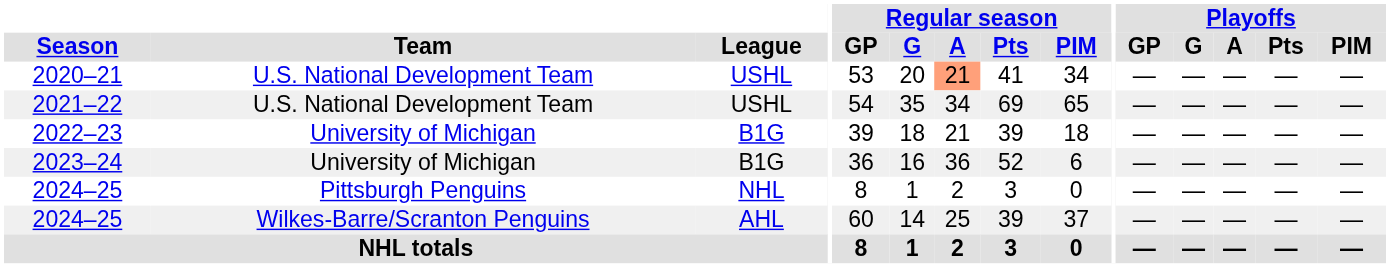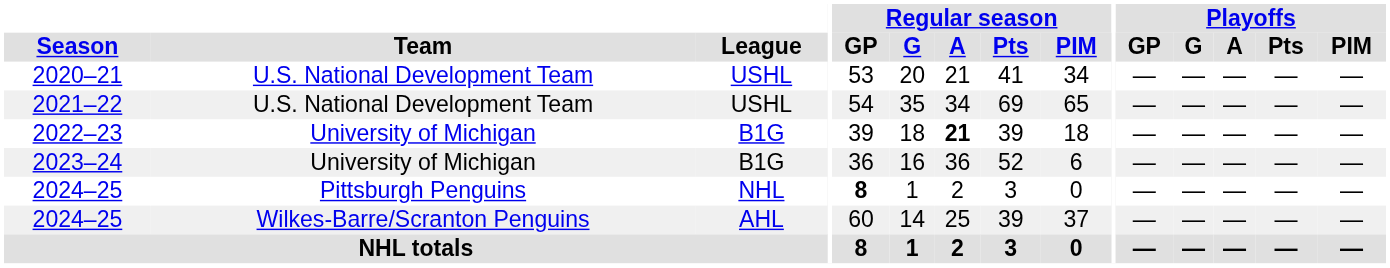 <table border="0" cellpadding="1" cellspacing="0" style="text-align:center; width:60em;">
 <tr bgcolor="#e0e0e0">
 <th colspan="3" bgcolor="#ffffff"></th>
 <th rowspan="101" bgcolor="#ffffff"></th>
 <th colspan="5"><a href='#'>Regular season</a></th>
 <th rowspan="101" bgcolor="#ffffff"></th>
 <th colspan="5"><a href='#'>Playoffs</a></th>
 </tr>
 <tr bgcolor="#e0e0e0">
 <th><a href='#'>Season</a></th>
 <th>Team</th>
 <th>League</th>
 <th>GP</th>
 <th><a href='#'>G</a></th>
 <th><a href='#'>A</a></th>
 <th><a href='#'>Pts</a></th>
 <th><a href='#'>PIM</a></th>
 <th>GP</th>
 <th>G</th>
 <th>A</th>
 <th>Pts</th>
 <th>PIM</th>
 </tr>
 <tr>
 <td><a href='#'>2020–21</a></td>
 <td><a href='#'>U.S. National Development Team</a></td>
 <td><a href='#'>USHL</a></td>
 <td>53</td>
 <td>20</td>
-<td style="background: lightsalmon;">21</td>
+<td>21</td>
 <td>41</td>
 <td>34</td>
 <td>—</td>
 <td>—</td>
 <td>—</td>
 <td>—</td>
 <td>—</td>
 </tr>
 <tr bgcolor="#f0f0f0">
 <td><a href='#'>2021–22</a></td>
 <td>U.S. National Development Team</td>
 <td>USHL</td>
 <td>54</td>
 <td>35</td>
 <td>34</td>
 <td>69</td>
 <td>65</td>
 <td>—</td>
 <td>—</td>
 <td>—</td>
 <td>—</td>
 <td>—</td>
 </tr>
 <tr>
 <td><a href='#'>2022–23</a></td>
 <td><a href='#'>University of Michigan</a></td>
 <td><a href='#'>B1G</a></td>
 <td>39</td>
 <td>18</td>
-<td>21</td>
+<td><strong>21</strong></td>
 <td>39</td>
 <td>18</td>
 <td>—</td>
 <td>—</td>
 <td>—</td>
 <td>—</td>
 <td>—</td>
 </tr>
 <tr bgcolor="#f0f0f0">
 <td><a href='#'>2023–24</a></td>
 <td>University of Michigan</td>
 <td>B1G</td>
 <td>36</td>
 <td>16</td>
 <td>36</td>
 <td>52</td>
 <td>6</td>
 <td>—</td>
 <td>—</td>
 <td>—</td>
 <td>—</td>
 <td>—</td>
 </tr>
 <tr>
 <td><a href='#'>2024–25</a></td>
 <td><a href='#'>Pittsburgh Penguins</a></td>
 <td><a href='#'>NHL</a></td>
-<td>8</td>
+<td><strong>8</strong></td>
 <td>1</td>
 <td>2</td>
 <td>3</td>
 <td>0</td>
 <td>—</td>
 <td>—</td>
 <td>—</td>
 <td>—</td>
 <td>—</td>
 </tr>
 <tr bgcolor="#f0f0f0">
 <td><a href='#'>2024–25</a></td>
 <td><a href='#'>Wilkes-Barre/Scranton Penguins</a></td>
 <td><a href='#'>AHL</a></td>
 <td>60</td>
 <td>14</td>
 <td>25</td>
 <td>39</td>
 <td>37</td>
 <td>—</td>
 <td>—</td>
 <td>—</td>
 <td>—</td>
 <td>—</td>
 </tr>
 <tr bgcolor="#e0e0e0">
 <th colspan="3">NHL totals</th>
 <th>8</th>
 <th>1</th>
 <th>2</th>
 <th>3</th>
 <th>0</th>
 <th>—</th>
 <th>—</th>
 <th>—</th>
 <th>—</th>
 <th>—</th>
 </tr>
 </table>
